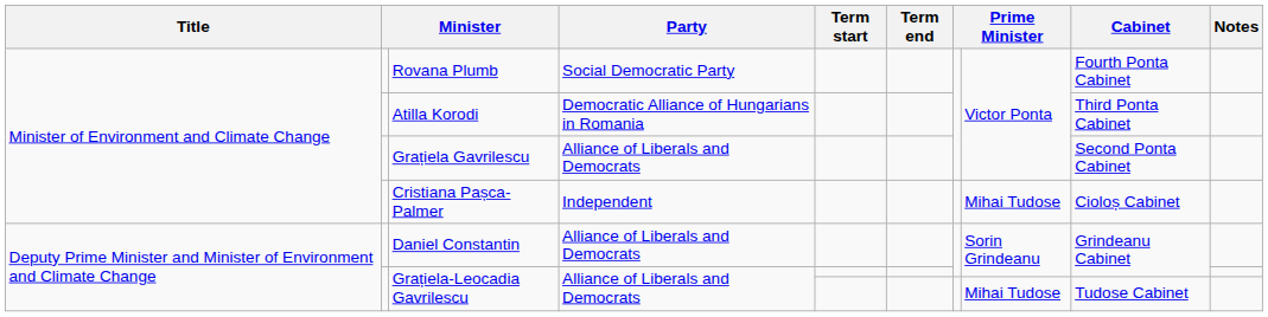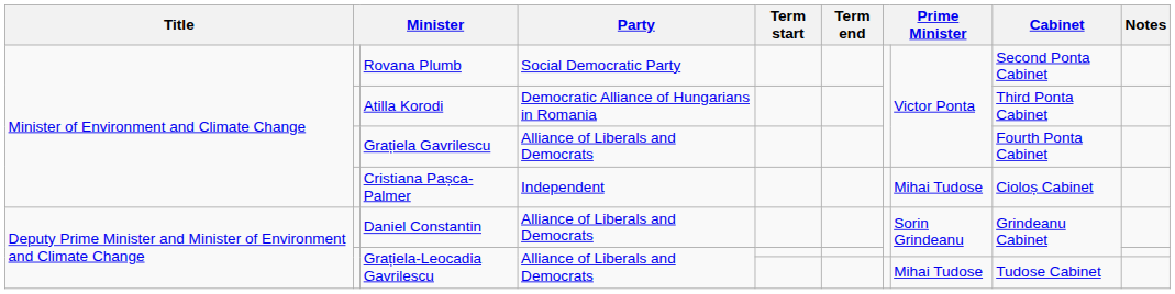 <table class="wikitable sortable">
 <tr>
 <th>Title</th>
 <th colspan=2><a href='#'>Minister</a></th>
 <th><a href='#'>Party</a></th>
 <th>Term start</th>
 <th>Term end</th>
 <th colspan=2><a href='#'>Prime Minister</a></th>
 <th><a href='#'>Cabinet</a></th>
 <th class="unsortable">Notes</th>
 </tr>
 <tr>
 <td rowspan=4><a href='#'>Minister of Environment and Climate Change</a></td>
 <td style="color:inherit;background:"></td>
 <td><a href='#'>Rovana Plumb</a></td>
 <td><a href='#'>Social Democratic Party</a></td>
 <td></td>
 <td></td>
 <td rowspan=3 bgcolor=></td>
 <td rowspan=3><a href='#'>Victor Ponta</a></td>
-<td><a href='#'>Fourth Ponta Cabinet</a></td>
+<td><a href='#'>Second Ponta Cabinet</a></td>
 <td></td>
 </tr>
 <tr>
 <td style="color:inherit;background:"></td>
 <td><a href='#'>Atilla Korodi</a></td>
 <td><a href='#'>Democratic Alliance of Hungarians in Romania</a></td>
 <td></td>
 <td></td>
 <td><a href='#'>Third Ponta Cabinet</a></td>
 <td></td>
 </tr>
 <tr>
 <td style="color:inherit;background:"></td>
 <td><a href='#'>Grațiela Gavrilescu</a></td>
 <td><a href='#'>Alliance of Liberals and Democrats</a></td>
 <td></td>
 <td></td>
-<td><a href='#'>Second Ponta Cabinet</a></td>
+<td><a href='#'>Fourth Ponta Cabinet</a></td>
 <td></td>
 </tr>
 <tr>
 <td style="color:inherit;background:"></td>
 <td><a href='#'>Cristiana Pașca-Palmer</a></td>
 <td><a href='#'>Independent</a></td>
 <td></td>
 <td></td>
 <td style="color:inherit;background:"></td>
 <td><a href='#'>Mihai Tudose</a></td>
 <td><a href='#'>Cioloș Cabinet</a></td>
 <td></td>
 </tr>
 <tr>
 <td rowspan=3><a href='#'>Deputy Prime Minister and Minister of Environment and Climate Change</a></td>
 <td style="color:inherit;background:"></td>
 <td><a href='#'>Daniel Constantin</a></td>
 <td><a href='#'>Alliance of Liberals and Democrats</a></td>
 <td></td>
 <td></td>
 <td rowspan=2 bgcolor=></td>
 <td rowspan=2><a href='#'>Sorin Grindeanu</a></td>
 <td rowspan=2><a href='#'>Grindeanu Cabinet</a></td>
 <td></td>
 </tr>
 <tr>
 <td rowspan=2 bgcolor=></td>
 <td rowspan=2><a href='#'>Grațiela-Leocadia Gavrilescu</a></td>
 <td rowspan=2><a href='#'>Alliance of Liberals and Democrats</a></td>
 <td></td>
 <td></td>
 <td></td>
 </tr>
 <tr>
 <td></td>
 <td></td>
 <td style="color:inherit;background:"></td>
 <td><a href='#'>Mihai Tudose</a></td>
 <td><a href='#'>Tudose Cabinet</a></td>
 <td></td>
 </tr>
 </table>
